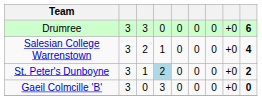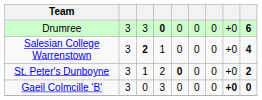 <table class="wikitable" style="text-align:center">
 <tr>
 <th width="175">Team</th>
 <th width="20"></th>
 <th width="20"></th>
 <th width="20"></th>
 <th width="20"></th>
 <th width="20"></th>
 <th width="20"></th>
 <th width="20"></th>
 <th width="20"></th>
 </tr>
 <tr style="background:#cfc;">
 <td>Drumree</td>
 <td>3</td>
 <td>3</td>
-<td>0</td>
+<td><strong>0</strong></td>
 <td>0</td>
 <td>0</td>
 <td>0</td>
 <td>+0</td>
 <td><strong>6</strong></td>
 </tr>
 <tr>
 <td><a href='#'>Salesian College Warrenstown</a></td>
 <td>3</td>
-<td>2</td>
+<td><strong>2</strong></td>
 <td>1</td>
 <td>0</td>
 <td>0</td>
 <td>0</td>
 <td>+0</td>
 <td><strong>4</strong></td>
 </tr>
 <tr>
 <td><a href='#'>St. Peter's Dunboyne</a></td>
 <td>3</td>
 <td>1</td>
-<td style="background: lightblue;">2</td>
-<td>0</td>
+<td>2</td>
+<td><strong>0</strong></td>
 <td>0</td>
 <td>0</td>
 <td>+0</td>
 <td><strong>2</strong></td>
 </tr>
 <tr>
 <td><a href='#'>Gaeil Colmcille 'B'</a></td>
 <td>3</td>
 <td>0</td>
 <td>3</td>
 <td>0</td>
 <td>0</td>
 <td>0</td>
-<td>+0</td>
+<td><strong>+0</strong></td>
 <td><strong>0</strong></td>
 </tr>
 <tr>
 </tr>
 </table>
